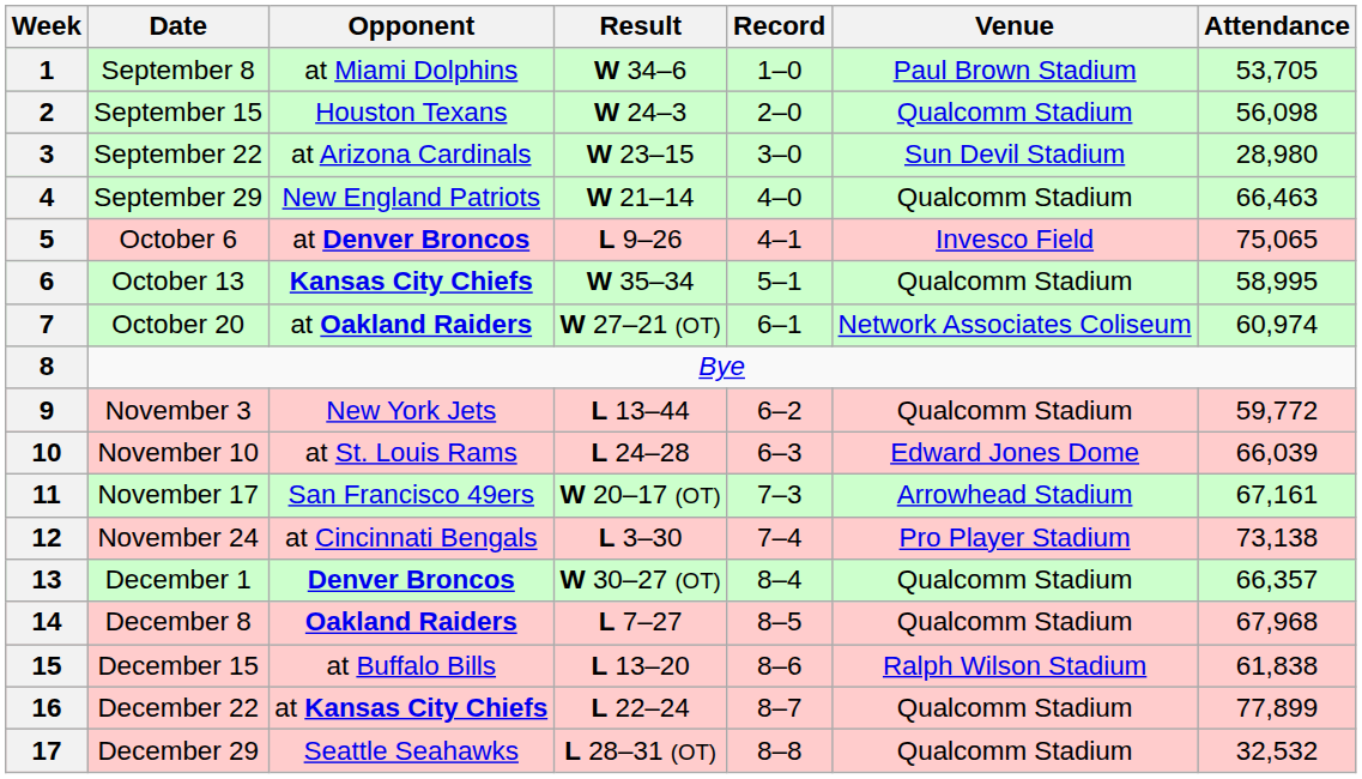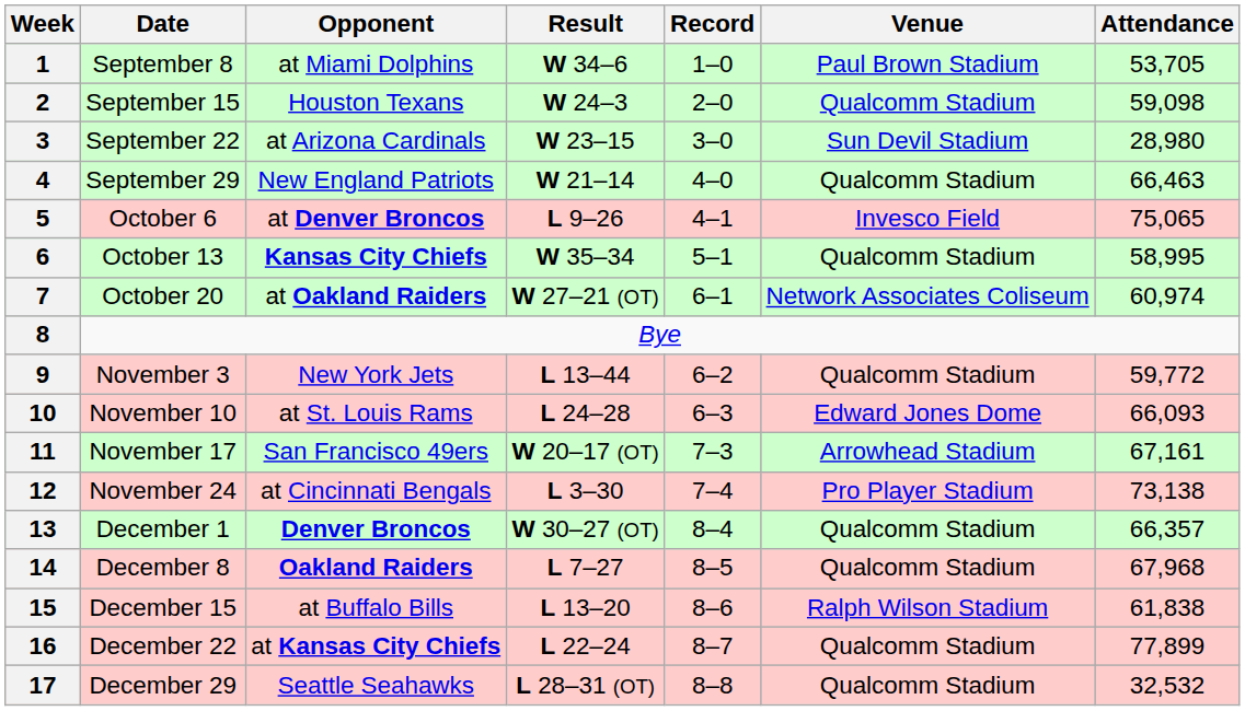 <table class="wikitable" style="text-align:center">
 <tr>
 <th>Week</th>
 <th>Date</th>
 <th>Opponent</th>
 <th>Result</th>
 <th>Record</th>
 <th>Venue</th>
 <th>Attendance</th>
 </tr>
 <tr style="background:#cfc">
 <th>1</th>
 <td>September 8</td>
 <td>at <a href='#'>Miami Dolphins</a></td>
 <td><strong>W</strong> 34–6</td>
 <td>1–0</td>
 <td><a href='#'>Paul Brown Stadium</a></td>
 <td>53,705</td>
 </tr>
 <tr style="background:#cfc">
 <th>2</th>
 <td>September 15</td>
 <td><a href='#'>Houston Texans</a></td>
 <td><strong>W</strong> 24–3</td>
 <td>2–0</td>
 <td><a href='#'>Qualcomm Stadium</a></td>
-<td>56,098</td>
+<td>59,098</td>
 </tr>
 <tr style="background:#cfc">
 <th>3</th>
 <td>September 22</td>
 <td>at <a href='#'>Arizona Cardinals</a></td>
 <td><strong>W</strong> 23–15</td>
 <td>3–0</td>
 <td><a href='#'>Sun Devil Stadium</a></td>
 <td>28,980</td>
 </tr>
 <tr style="background:#cfc">
 <th>4</th>
 <td>September 29</td>
 <td><a href='#'>New England Patriots</a></td>
 <td><strong>W</strong> 21–14</td>
 <td>4–0</td>
 <td>Qualcomm Stadium</td>
 <td>66,463</td>
 </tr>
 <tr style="background:#fcc">
 <th>5</th>
 <td>October 6</td>
 <td>at <strong><a href='#'>Denver Broncos</a></strong></td>
 <td><strong>L</strong> 9–26</td>
 <td>4–1</td>
 <td><a href='#'>Invesco Field</a></td>
 <td>75,065</td>
 </tr>
 <tr style="background:#cfc">
 <th>6</th>
 <td>October 13</td>
 <td><strong><a href='#'>Kansas City Chiefs</a></strong></td>
 <td><strong>W</strong> 35–34</td>
 <td>5–1</td>
 <td>Qualcomm Stadium</td>
 <td>58,995</td>
 </tr>
 <tr style="background:#cfc">
 <th>7</th>
 <td>October 20</td>
 <td>at <strong><a href='#'>Oakland Raiders</a></strong></td>
 <td><strong>W</strong> 27–21 <small>(OT)</small></td>
 <td>6–1</td>
 <td><a href='#'>Network Associates Coliseum</a></td>
 <td>60,974</td>
 </tr>
 <tr>
 <th>8</th>
 <td colspan="7"><em><a href='#'>Bye</a></em></td>
 </tr>
 <tr style="background:#fcc">
 <th>9</th>
 <td>November 3</td>
 <td><a href='#'>New York Jets</a></td>
 <td><strong>L</strong> 13–44</td>
 <td>6–2</td>
 <td>Qualcomm Stadium</td>
 <td>59,772</td>
 </tr>
 <tr style="background:#fcc">
 <th>10</th>
 <td>November 10</td>
 <td>at <a href='#'>St. Louis Rams</a></td>
 <td><strong>L</strong> 24–28</td>
 <td>6–3</td>
 <td><a href='#'>Edward Jones Dome</a></td>
-<td>66,039</td>
+<td>66,093</td>
 </tr>
 <tr style="background:#cfc">
 <th>11</th>
 <td>November 17</td>
 <td><a href='#'>San Francisco 49ers</a></td>
 <td><strong>W</strong> 20–17 <small>(OT)</small></td>
 <td>7–3</td>
 <td><a href='#'>Arrowhead Stadium</a></td>
 <td>67,161</td>
 </tr>
 <tr style="background:#fcc">
 <th>12</th>
 <td>November 24</td>
 <td>at <a href='#'>Cincinnati Bengals</a></td>
 <td><strong>L</strong> 3–30</td>
 <td>7–4</td>
 <td><a href='#'>Pro Player Stadium</a></td>
 <td>73,138</td>
 </tr>
 <tr style="background:#cfc">
 <th>13</th>
 <td>December 1</td>
 <td><strong><a href='#'>Denver Broncos</a></strong></td>
 <td><strong>W</strong> 30–27 <small>(OT)</small></td>
 <td>8–4</td>
 <td>Qualcomm Stadium</td>
 <td>66,357</td>
 </tr>
 <tr style="background:#fcc">
 <th>14</th>
 <td>December 8</td>
 <td><strong><a href='#'>Oakland Raiders</a></strong></td>
 <td><strong>L</strong> 7–27</td>
 <td>8–5</td>
 <td>Qualcomm Stadium</td>
 <td>67,968</td>
 </tr>
 <tr style="background:#fcc">
 <th>15</th>
 <td>December 15</td>
 <td>at <a href='#'>Buffalo Bills</a></td>
 <td><strong>L</strong> 13–20</td>
 <td>8–6</td>
 <td><a href='#'>Ralph Wilson Stadium</a></td>
 <td>61,838</td>
 </tr>
 <tr style="background:#fcc">
 <th>16</th>
 <td>December 22</td>
 <td>at <strong><a href='#'>Kansas City Chiefs</a></strong></td>
 <td><strong>L</strong> 22–24</td>
 <td>8–7</td>
 <td>Qualcomm Stadium</td>
 <td>77,899</td>
 </tr>
 <tr style="background:#fcc">
 <th>17</th>
 <td>December 29</td>
 <td><a href='#'>Seattle Seahawks</a></td>
 <td><strong>L</strong> 28–31 <small>(OT)</small></td>
 <td>8–8</td>
 <td>Qualcomm Stadium</td>
 <td>32,532</td>
 </tr>
 </table>
